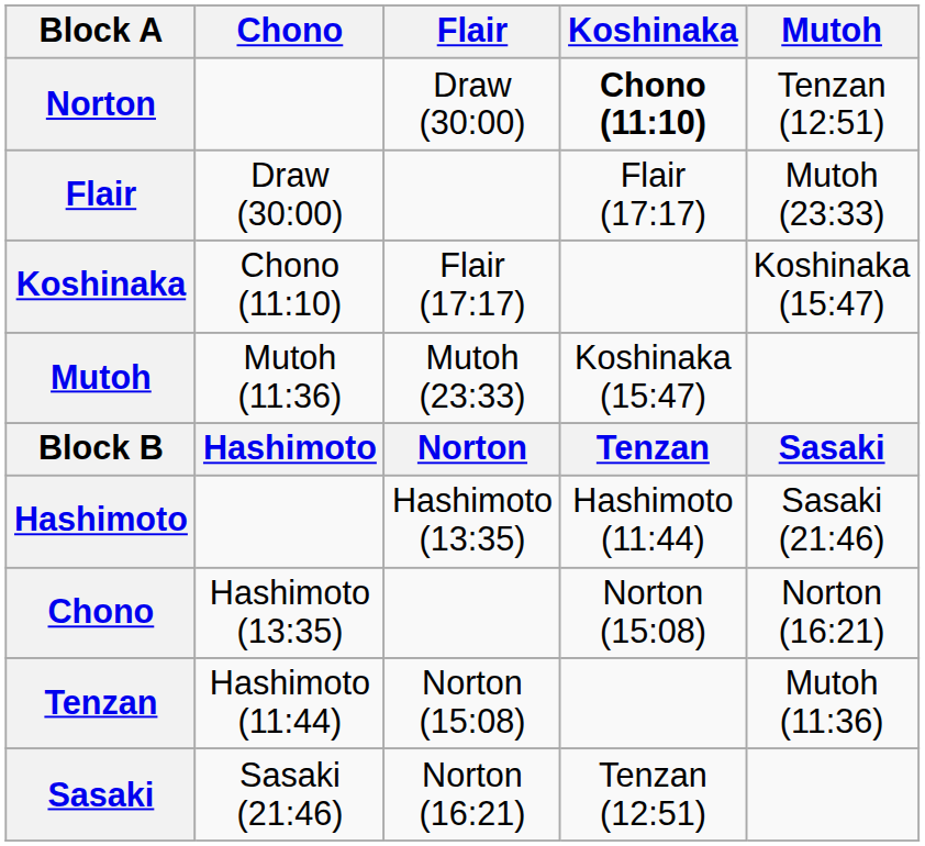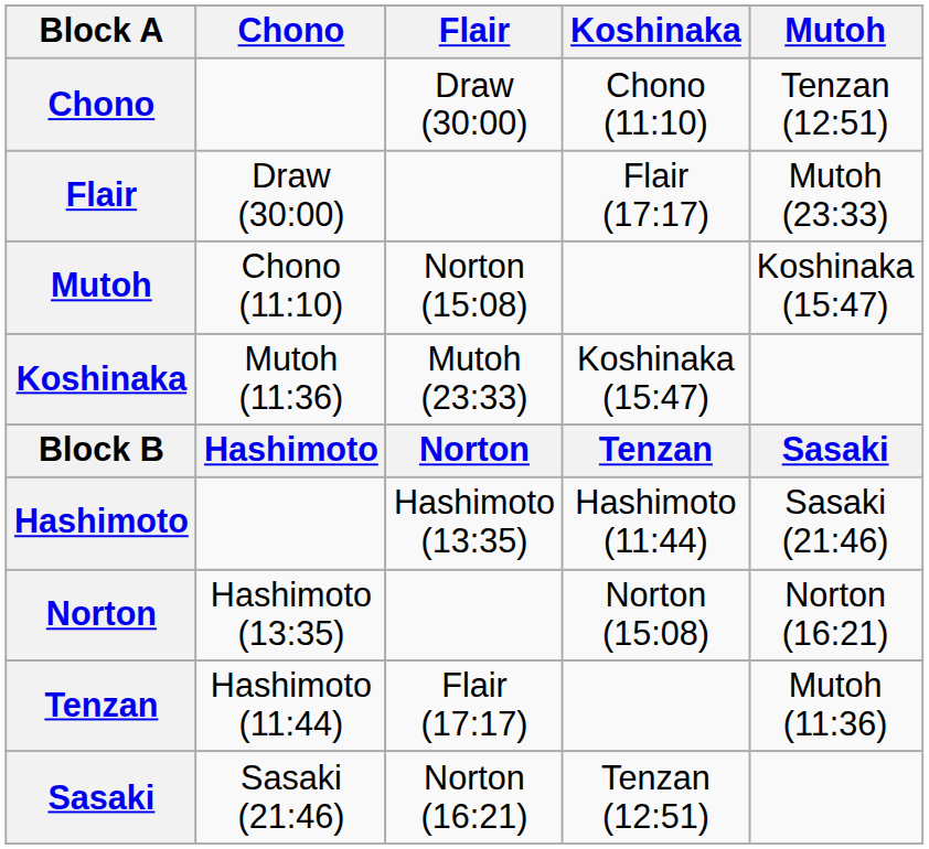 <table class="wikitable" style="margin: 1em auto 1em auto">
 <tr align="center">
 <th>Block A</th>
 <th><a href='#'>Chono</a></th>
 <th><a href='#'>Flair</a></th>
 <th><a href='#'>Koshinaka</a></th>
 <th><a href='#'>Mutoh</a></th>
 </tr>
 <tr align="center">
-<th><a href='#'>Norton</a></th>
+<th><a href='#'>Chono</a></th>
 <td></td>
 <td>Draw<br>(30:00)</td>
-<td><strong>Chono<br>(11:10)</strong></td>
+<td>Chono<br>(11:10)</td>
 <td>Tenzan<br>(12:51)</td>
 </tr>
 <tr align="center">
 <th><a href='#'>Flair</a></th>
 <td>Draw<br>(30:00)</td>
 <td></td>
 <td>Flair<br>(17:17)</td>
 <td>Mutoh<br>(23:33)</td>
 </tr>
 <tr align="center">
-<th><a href='#'>Koshinaka</a></th>
+<th><a href='#'>Mutoh</a></th>
 <td>Chono<br>(11:10)</td>
-<td>Flair<br>(17:17)</td>
+<td>Norton<br>(15:08)</td>
 <td></td>
 <td>Koshinaka<br>(15:47)</td>
 </tr>
 <tr align="center">
-<th><a href='#'>Mutoh</a></th>
+<th><a href='#'>Koshinaka</a></th>
 <td>Mutoh<br>(11:36)</td>
 <td>Mutoh<br>(23:33)</td>
 <td>Koshinaka<br>(15:47)</td>
 <td></td>
 </tr>
 <tr align="center">
 <th>Block B</th>
 <th><a href='#'>Hashimoto</a></th>
 <th><a href='#'>Norton</a></th>
 <th><a href='#'>Tenzan</a></th>
 <th><a href='#'>Sasaki</a></th>
 </tr>
 <tr align="center">
 <th><a href='#'>Hashimoto</a></th>
 <td></td>
 <td>Hashimoto<br>(13:35)</td>
 <td>Hashimoto<br>(11:44)</td>
 <td>Sasaki<br>(21:46)</td>
 </tr>
 <tr align="center">
-<th><a href='#'>Chono</a></th>
+<th><a href='#'>Norton</a></th>
 <td>Hashimoto<br>(13:35)</td>
 <td></td>
 <td>Norton<br>(15:08)</td>
 <td>Norton<br>(16:21)</td>
 </tr>
 <tr align="center">
 <th><a href='#'>Tenzan</a></th>
 <td>Hashimoto<br>(11:44)</td>
-<td>Norton<br>(15:08)</td>
+<td>Flair<br>(17:17)</td>
 <td></td>
 <td>Mutoh<br>(11:36)</td>
 </tr>
 <tr align="center">
 <th><a href='#'>Sasaki</a></th>
 <td>Sasaki<br>(21:46)</td>
 <td>Norton<br>(16:21)</td>
 <td>Tenzan<br>(12:51)</td>
 <td></td>
 </tr>
 </table>
